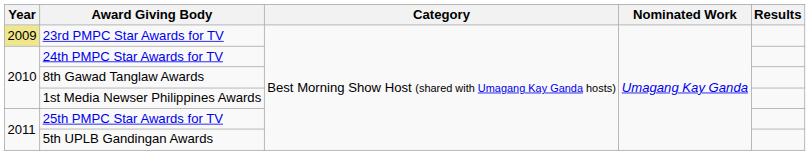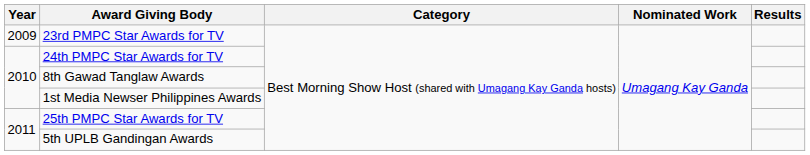 <table class="wikitable">
 <tr>
 <th>Year</th>
 <th>Award Giving Body</th>
 <th>Category</th>
 <th>Nominated Work</th>
 <th>Results</th>
 </tr>
 <tr>
-<td style="background: khaki;">2009</td>
+<td>2009</td>
 <td><a href='#'>23rd PMPC Star Awards for TV</a></td>
 <td rowspan=6>Best Morning Show Host <small>(shared with <a href='#'>Umagang Kay Ganda</a> hosts)</small></td>
 <td rowspan=6><em><a href='#'>Umagang Kay Ganda</a></em></td>
 <td></td>
 </tr>
 <tr>
 <td rowspan=3>2010</td>
 <td><a href='#'>24th PMPC Star Awards for TV</a></td>
 <td></td>
 </tr>
 <tr>
 <td>8th Gawad Tanglaw Awards</td>
 <td></td>
 </tr>
 <tr>
 <td>1st Media Newser Philippines Awards</td>
 <td></td>
 </tr>
 <tr>
 <td rowspan=2>2011</td>
 <td><a href='#'>25th PMPC Star Awards for TV</a></td>
 <td></td>
 </tr>
 <tr>
 <td>5th UPLB Gandingan Awards</td>
 <td></td>
 </tr>
 </table>
